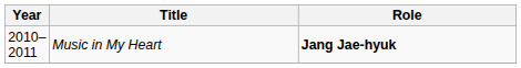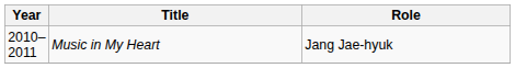 <table class="wikitable" style="width:600px">
 <tr>
 <th width=10>Year</th>
 <th>Title</th>
 <th>Role</th>
 </tr>
 <tr>
 <td>2010–2011</td>
 <td><em>Music in My Heart</em></td>
-<td><strong>Jang Jae-hyuk</strong></td>
+<td>Jang Jae-hyuk</td>
 </tr>
 <tr>
 </tr>
 </table>
